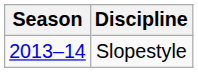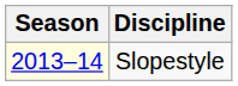 <table class="wikitable">
 <tr>
 <th>Season</th>
 <th>Discipline</th>
 </tr>
 <tr>
-<td rowspan=1 align=center><a href='#'>2013–14</a></td>
+<td rowspan=1 align=center style="background: lightyellow;"><a href='#'>2013–14</a></td>
 <td align=center>Slopestyle</td>
 </tr>
 </table>
